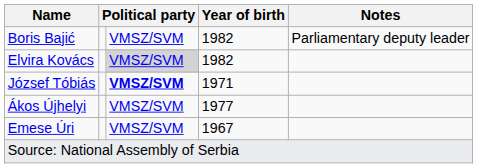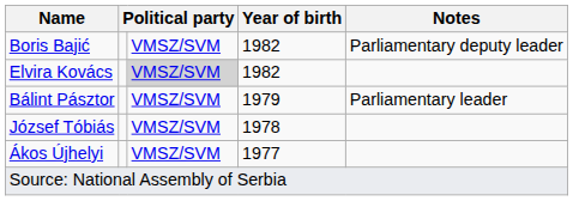 <table class="wikitable sortable" style="text-align:left">
 <tr>
 <th>Name</th>
 <th colspan="2">Political party</th>
 <th>Year of birth</th>
 <th>Notes</th>
 </tr>
 <tr>
 <td><a href='#'>Boris Bajić</a></td>
 <td width="1" style="color:inherit;background: "></td>
 <td><a href='#'>VMSZ/SVM</a></td>
 <td>1982</td>
 <td>Parliamentary deputy leader</td>
 </tr>
 <tr>
 <td><a href='#'>Elvira Kovács</a></td>
 <td width="1" style="color:inherit;background: "></td>
 <td style="background: lightgrey;"><a href='#'>VMSZ/SVM</a></td>
 <td>1982</td>
 <td></td>
 </tr>
 <tr>
+<td><a href='#'>Bálint Pásztor</a></td>
+<td width="1" style="color:inherit;background: "></td>
+<td><a href='#'>VMSZ/SVM</a></td>
+<td>1979</td>
+<td>Parliamentary leader</td>
+</tr>
+<tr>
 <td><a href='#'>József Tóbiás</a></td>
 <td width="1" style="color:inherit;background: "></td>
-<td><strong><a href='#'>VMSZ/SVM</a></strong></td>
-<td>1971</td>
+<td><a href='#'>VMSZ/SVM</a></td>
+<td>1978</td>
 <td></td>
 </tr>
 <tr>
 <td><a href='#'>Ákos Újhelyi</a></td>
 <td width="1" style="color:inherit;background: "></td>
 <td><a href='#'>VMSZ/SVM</a></td>
 <td>1977</td>
 <td></td>
 </tr>
 <tr>
-<td><a href='#'>Emese Úri</a></td>
-<td width="1" style="color:inherit;background: "></td>
-<td><a href='#'>VMSZ/SVM</a></td>
-<td>1967</td>
-<td></td>
-</tr>
-<tr>
 <td style="background-color:#EAECF0" colspan="5">Source: National Assembly of Serbia</td>
 </tr>
 </table>
